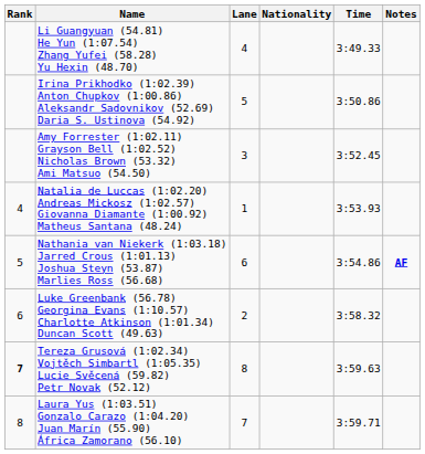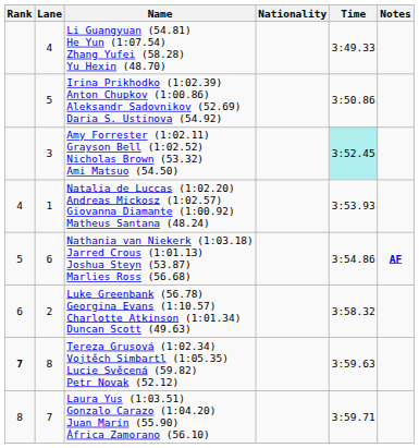 <table class="wikitable sortable" style="text-align:center">
 <tr>
 <th>Rank</th>
+<th>Lane</th>
 <th>Name</th>
-<th>Lane</th>
 <th>Nationality</th>
 <th>Time</th>
 <th>Notes</th>
 </tr>
 <tr>
 <td></td>
+<td>4</td>
 <td align=left><a href='#'>Li Guangyuan</a> (54.81)<br><a href='#'>He Yun</a> (1:07.54)<br><a href='#'>Zhang Yufei</a> (58.28)<br><a href='#'>Yu Hexin</a> (48.70)</td>
-<td>4</td>
 <td align=left></td>
 <td>3:49.33</td>
 <td></td>
 </tr>
 <tr>
 <td></td>
+<td>5</td>
 <td align=left><a href='#'>Irina Prikhodko</a> (1:02.39)<br><a href='#'>Anton Chupkov</a> (1:00.86)<br><a href='#'>Aleksandr Sadovnikov</a> (52.69)<br><a href='#'>Daria S. Ustinova</a> (54.92)</td>
-<td>5</td>
 <td align=left></td>
 <td>3:50.86</td>
 <td></td>
 </tr>
 <tr>
 <td></td>
+<td>3</td>
 <td align=left><a href='#'>Amy Forrester</a> (1:02.11)<br><a href='#'>Grayson Bell</a> (1:02.52)<br><a href='#'>Nicholas Brown</a> (53.32)<br><a href='#'>Ami Matsuo</a> (54.50)</td>
-<td>3</td>
 <td align=left></td>
-<td>3:52.45</td>
+<td style="background: paleturquoise;">3:52.45</td>
 <td></td>
 </tr>
 <tr>
 <td>4</td>
+<td>1</td>
 <td align=left><a href='#'>Natalia de Luccas</a> (1:02.20)<br><a href='#'>Andreas Mickosz</a> (1:02.57)<br><a href='#'>Giovanna Diamante</a> (1:00.92)<br><a href='#'>Matheus Santana</a> (48.24)</td>
-<td>1</td>
 <td align=left></td>
 <td>3:53.93</td>
 <td></td>
 </tr>
 <tr>
 <td>5</td>
+<td>6</td>
 <td align=left><a href='#'>Nathania van Niekerk</a> (1:03.18)<br><a href='#'>Jarred Crous</a> (1:01.13)<br><a href='#'>Joshua Steyn</a> (53.87)<br><a href='#'>Marlies Ross</a> (56.68)</td>
-<td>6</td>
 <td align=left></td>
 <td>3:54.86</td>
 <td><strong><a href='#'>AF</a></strong></td>
 </tr>
 <tr>
 <td>6</td>
+<td>2</td>
 <td align=left><a href='#'>Luke Greenbank</a> (56.78)<br><a href='#'>Georgina Evans</a> (1:10.57)<br><a href='#'>Charlotte Atkinson</a> (1:01.34)<br><a href='#'>Duncan Scott</a> (49.63)</td>
-<td>2</td>
 <td align=left></td>
 <td>3:58.32</td>
 <td></td>
 </tr>
 <tr>
 <td><strong>7</strong></td>
+<td>8</td>
 <td align=left><a href='#'>Tereza Grusová</a> (1:02.34)<br><a href='#'>Vojtěch Simbartl</a> (1:05.35)<br><a href='#'>Lucie Svěcená</a> (59.82)<br><a href='#'>Petr Novak</a> (52.12)</td>
-<td>8</td>
 <td align=left></td>
 <td>3:59.63</td>
 <td></td>
 </tr>
 <tr>
 <td>8</td>
+<td>7</td>
 <td align=left><a href='#'>Laura Yus</a> (1:03.51)<br><a href='#'>Gonzalo Carazo</a> (1:04.20)<br><a href='#'>Juan Marín</a> (55.90)<br><a href='#'>África Zamorano</a> (56.10)</td>
-<td>7</td>
 <td align=left></td>
 <td>3:59.71</td>
 <td></td>
 </tr>
 </table>
